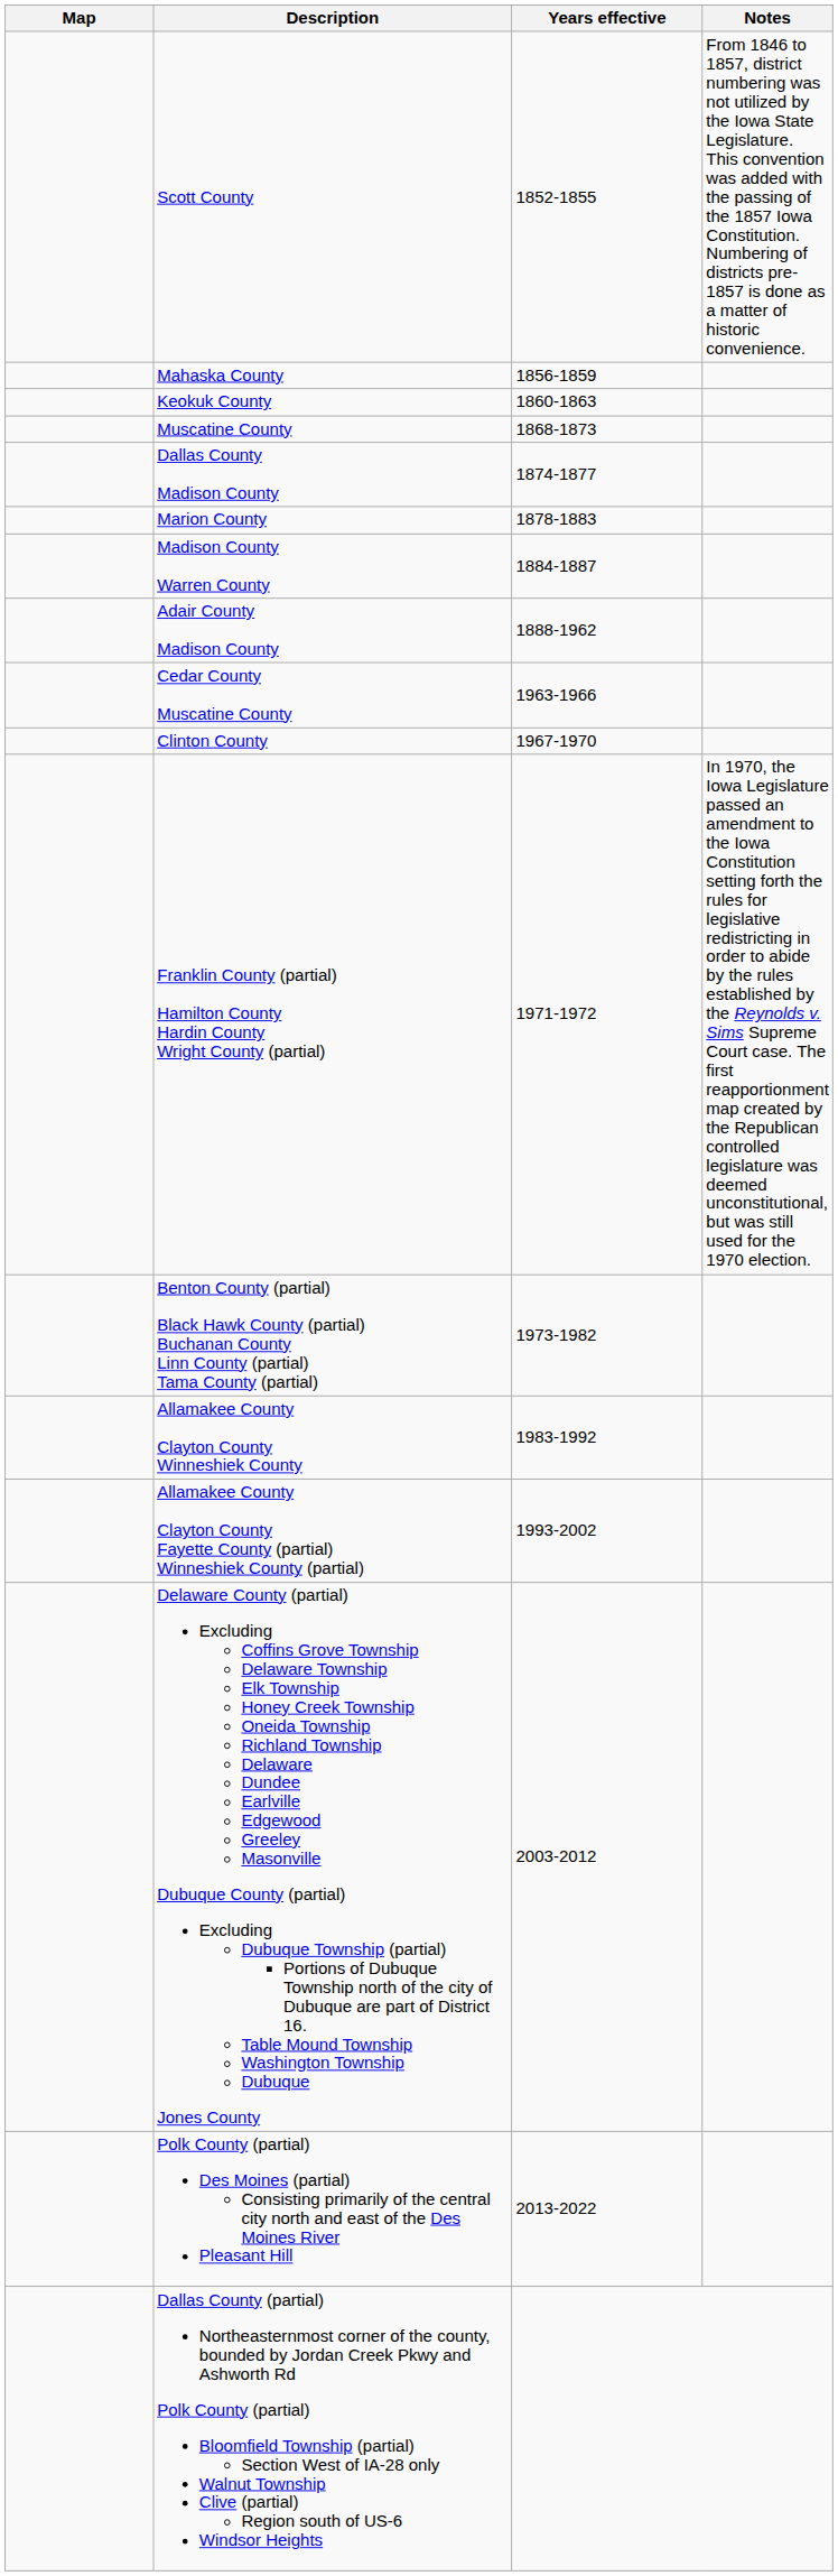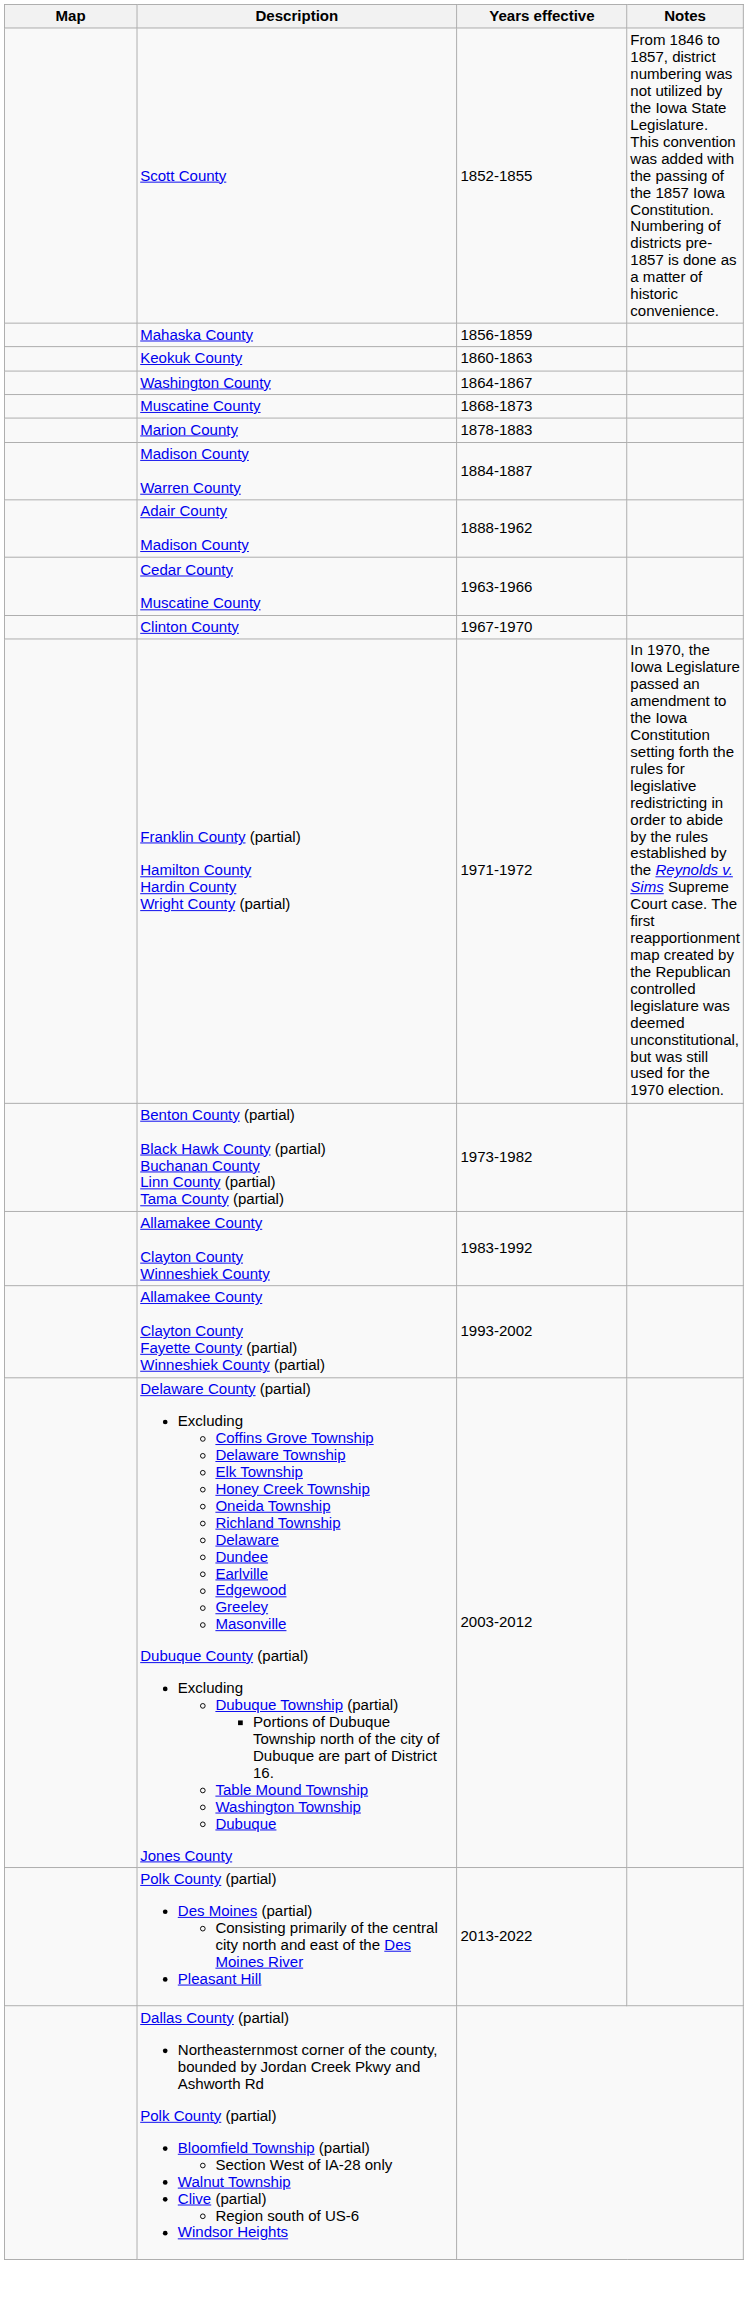 <table class="wikitable sortable">
 <tr>
 <th style="width:100pt;">Map</th>
 <th style="width:250pt;">Description</th>
 <th style="width:130pt;">Years effective</th>
 <th style="width:15pt;">Notes</th>
 </tr>
 <tr>
 <td></td>
 <td><a href='#'>Scott County</a></td>
 <td>1852-1855</td>
 <td>From 1846 to 1857, district numbering was not utilized by the Iowa State Legislature. This convention was added with the passing of the 1857 Iowa Constitution. Numbering of districts pre-1857 is done as a matter of historic convenience.</td>
 </tr>
 <tr>
 <td></td>
 <td><a href='#'>Mahaska County</a></td>
 <td>1856-1859</td>
 <td></td>
 </tr>
 <tr>
 <td></td>
 <td><a href='#'>Keokuk County</a></td>
 <td>1860-1863</td>
 <td></td>
 </tr>
 <tr>
 <td></td>
-<td><a href='#'>Muscatine County</a></td>
-<td>1868-1873</td>
+<td><a href='#'>Washington County</a></td>
+<td>1864-1867</td>
 <td></td>
 </tr>
 <tr>
 <td></td>
-<td><a href='#'>Dallas County</a><br><br><a href='#'>Madison County</a></td>
-<td>1874-1877</td>
+<td><a href='#'>Muscatine County</a></td>
+<td>1868-1873</td>
 <td></td>
 </tr>
 <tr>
 <td></td>
 <td><a href='#'>Marion County</a></td>
 <td>1878-1883</td>
 <td></td>
 </tr>
 <tr>
 <td></td>
 <td><a href='#'>Madison County</a><br><br><a href='#'>Warren County</a></td>
 <td>1884-1887</td>
 <td></td>
 </tr>
 <tr>
 <td></td>
 <td><a href='#'>Adair County</a><br><br><a href='#'>Madison County</a></td>
 <td>1888-1962</td>
 <td></td>
 </tr>
 <tr>
 <td></td>
 <td><a href='#'>Cedar County</a><br><br><a href='#'>Muscatine County</a></td>
 <td>1963-1966</td>
 <td></td>
 </tr>
 <tr>
 <td></td>
 <td><a href='#'>Clinton County</a></td>
 <td>1967-1970</td>
 <td></td>
 </tr>
 <tr>
 <td></td>
 <td><a href='#'>Franklin County</a> (partial)<br><br><a href='#'>Hamilton County</a><br> <a href='#'>Hardin County</a><br> <a href='#'>Wright County</a> (partial)</td>
 <td>1971-1972</td>
 <td>In 1970, the Iowa Legislature passed an amendment to the Iowa Constitution setting forth the rules for legislative redistricting in order to abide by the rules established by the <em><a href='#'>Reynolds v. Sims</a></em> Supreme Court case. The first reapportionment map created by the Republican controlled legislature was deemed unconstitutional, but was still used for the 1970 election.</td>
 </tr>
 <tr>
 <td></td>
 <td><a href='#'>Benton County</a> (partial)<br><br><a href='#'>Black Hawk County</a> (partial)<br> <a href='#'>Buchanan County</a><br> <a href='#'>Linn County</a> (partial)<br> <a href='#'>Tama County</a> (partial)</td>
 <td>1973-1982</td>
 <td></td>
 </tr>
 <tr>
 <td></td>
 <td><a href='#'>Allamakee County</a><br><br><a href='#'>Clayton County</a><br> <a href='#'>Winneshiek County</a></td>
 <td>1983-1992</td>
 <td></td>
 </tr>
 <tr>
 <td></td>
 <td><a href='#'>Allamakee County</a><br><br><a href='#'>Clayton County</a><br> <a href='#'>Fayette County</a> (partial)<br> <a href='#'>Winneshiek County</a> (partial)</td>
 <td>1993-2002</td>
 <td></td>
 </tr>
 <tr>
 <td></td>
 <td><a href='#'>Delaware County</a> (partial)<br><ul><li>Excluding<ul><li><a href='#'>Coffins Grove Township</a></li><li><a href='#'>Delaware Township</a></li><li><a href='#'>Elk Township</a></li><li><a href='#'>Honey Creek Township</a></li><li><a href='#'>Oneida Township</a></li><li><a href='#'>Richland Township</a></li><li><a href='#'>Delaware</a></li><li><a href='#'>Dundee</a></li><li><a href='#'>Earlville</a></li><li><a href='#'>Edgewood</a></li><li><a href='#'>Greeley</a></li><li><a href='#'>Masonville</a></li></ul></li></ul><a href='#'>Dubuque County</a> (partial)<ul><li>Excluding<ul><li><a href='#'>Dubuque Township</a> (partial)<ul><li>Portions of Dubuque Township north of the city of Dubuque are part of District 16.</li></ul></li><li><a href='#'>Table Mound Township</a></li><li><a href='#'>Washington Township</a></li><li><a href='#'>Dubuque</a></li></ul></li></ul><a href='#'>Jones County</a></td>
 <td>2003-2012</td>
 <td></td>
 </tr>
 <tr>
 <td></td>
 <td><a href='#'>Polk County</a> (partial)<br><ul><li><a href='#'>Des Moines</a> (partial)<ul><li>Consisting primarily of the central city north and east of the <a href='#'>Des Moines River</a></li></ul></li><li><a href='#'>Pleasant Hill</a></li></ul></td>
 <td>2013-2022</td>
 <td></td>
 </tr>
 <tr>
 <td></td>
 <td><a href='#'>Dallas County</a> (partial)<br><ul><li>Northeasternmost corner of the county, bounded by Jordan Creek Pkwy and Ashworth Rd</li></ul><a href='#'>Polk County</a> (partial)<ul><li><a href='#'>Bloomfield Township</a> (partial)<ul><li>Section West of IA-28 only</li></ul></li><li><a href='#'>Walnut Township</a></li><li><a href='#'>Clive</a> (partial)<ul><li>Region south of US-6</li></ul></li><li><a href='#'>Windsor Heights</a></li></ul></td>
 </tr>
 </table>
